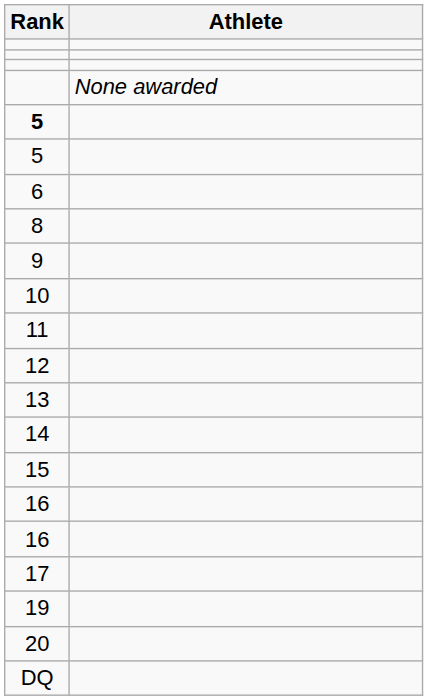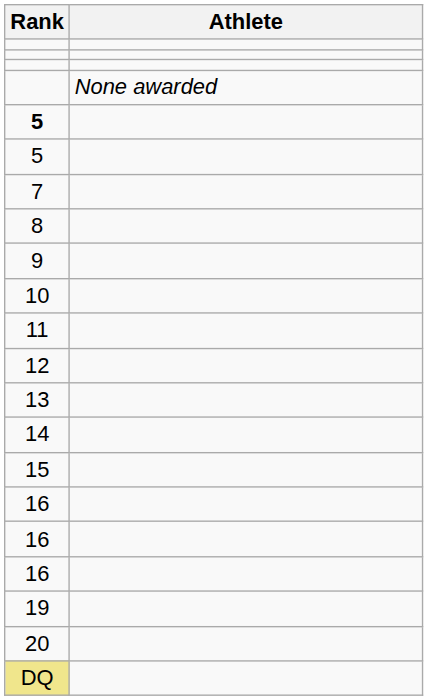 <table class="wikitable" style="text-align: center;">
 <tr>
 <th width=40>Rank</th>
 <th width=250>Athlete</th>
 </tr>
 <tr>
 <td></td>
 <td align="left"></td>
 </tr>
 <tr>
 <td></td>
 <td align="left"></td>
 </tr>
 <tr>
 <td></td>
 <td align="left"></td>
 </tr>
 <tr>
 <td></td>
 <td align="left"><em>None awarded</em></td>
 </tr>
 <tr>
 <td><strong>5</strong></td>
 <td align="left"></td>
 </tr>
 <tr>
 <td>5</td>
 <td align="left"></td>
 </tr>
 <tr>
-<td>6</td>
+<td>7</td>
 <td align="left"></td>
 </tr>
 <tr>
 <td>8</td>
 <td align="left"></td>
 </tr>
 <tr>
 <td>9</td>
 <td align="left"></td>
 </tr>
 <tr>
 <td>10</td>
 <td align="left"></td>
 </tr>
 <tr>
 <td>11</td>
 <td align="left"></td>
 </tr>
 <tr>
 <td>12</td>
 <td align="left"></td>
 </tr>
 <tr>
 <td>13</td>
 <td align="left"></td>
 </tr>
 <tr>
 <td>14</td>
 <td align="left"></td>
 </tr>
 <tr>
 <td>15</td>
 <td align="left"></td>
 </tr>
 <tr>
 <td>16</td>
 <td align="left"></td>
 </tr>
 <tr>
 <td>16</td>
 <td align="left"></td>
 </tr>
 <tr>
-<td>17</td>
+<td>16</td>
 <td align="left"></td>
 </tr>
 <tr>
 <td>19</td>
 <td align="left"></td>
 </tr>
 <tr>
 <td>20</td>
 <td align="left"></td>
 </tr>
 <tr>
-<td>DQ</td>
+<td style="background: khaki;">DQ</td>
 <td align="left"></td>
 </tr>
 </table>
